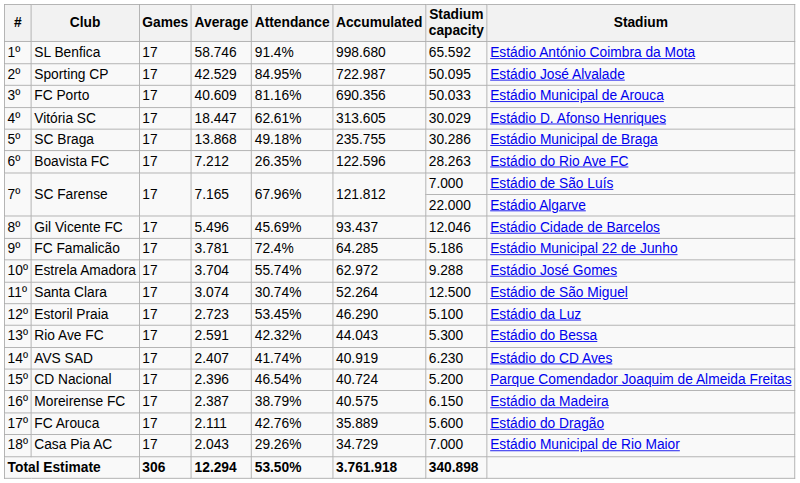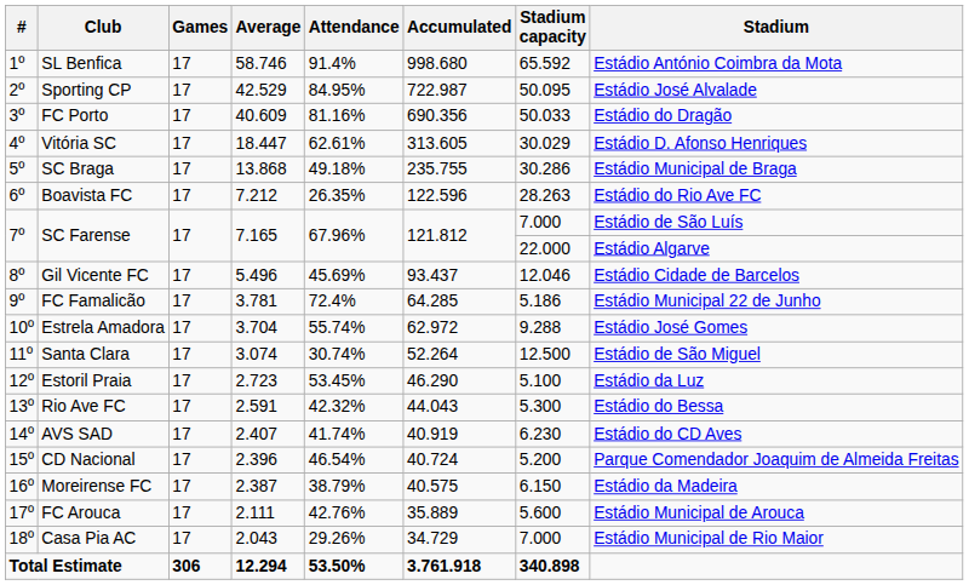 <table class="wikitable sortable">
 <tr>
 <th><strong>#</strong></th>
 <th>Club</th>
 <th>Games</th>
 <th>Average</th>
 <th>Attendance</th>
 <th>Accumulated</th>
 <th>Stadium<br>capacity</th>
 <th>Stadium</th>
 </tr>
 <tr>
 <td>1º</td>
 <td>SL Benfica</td>
 <td>17</td>
 <td>58.746</td>
 <td>91.4%</td>
 <td>998.680</td>
 <td>65.592</td>
 <td><a href='#'>Estádio António Coimbra da Mota</a></td>
 </tr>
 <tr>
 <td>2º</td>
 <td>Sporting CP</td>
 <td>17</td>
 <td>42.529</td>
 <td>84.95%</td>
 <td>722.987</td>
 <td>50.095</td>
 <td><a href='#'>Estádio José Alvalade</a></td>
 </tr>
 <tr>
 <td>3º</td>
 <td>FC Porto</td>
 <td>17</td>
 <td>40.609</td>
 <td>81.16%</td>
 <td>690.356</td>
 <td>50.033</td>
-<td><a href='#'>Estádio Municipal de Arouca</a></td>
+<td><a href='#'>Estádio do Dragão</a></td>
 </tr>
 <tr>
 <td>4º</td>
 <td>Vitória SC</td>
 <td>17</td>
 <td>18.447</td>
 <td>62.61%</td>
 <td>313.605</td>
 <td>30.029</td>
 <td><a href='#'>Estádio D. Afonso Henriques</a></td>
 </tr>
 <tr>
 <td>5º</td>
 <td>SC Braga</td>
 <td>17</td>
 <td>13.868</td>
 <td>49.18%</td>
 <td>235.755</td>
 <td>30.286</td>
 <td><a href='#'>Estádio Municipal de Braga</a></td>
 </tr>
 <tr>
 <td>6º</td>
 <td>Boavista FC</td>
 <td>17</td>
 <td>7.212</td>
 <td>26.35%</td>
 <td>122.596</td>
 <td>28.263</td>
 <td><a href='#'>Estádio do Rio Ave FC</a></td>
 </tr>
 <tr>
 <td rowspan="2">7º</td>
 <td rowspan="2">SC Farense</td>
 <td rowspan="2">17</td>
 <td rowspan="2">7.165</td>
 <td rowspan="2">67.96%</td>
 <td rowspan="2">121.812</td>
 <td>7.000</td>
 <td><a href='#'>Estádio de São Luís</a></td>
 </tr>
 <tr>
 <td>22.000</td>
 <td><a href='#'>Estádio Algarve</a></td>
 </tr>
 <tr>
 <td>8º</td>
 <td>Gil Vicente FC</td>
 <td>17</td>
 <td>5.496</td>
 <td>45.69%</td>
 <td>93.437</td>
 <td>12.046</td>
 <td><a href='#'>Estádio Cidade de Barcelos</a></td>
 </tr>
 <tr>
 <td>9º</td>
 <td>FC Famalicão</td>
 <td>17</td>
 <td>3.781</td>
 <td>72.4%</td>
 <td>64.285</td>
 <td>5.186</td>
 <td><a href='#'>Estádio Municipal 22 de Junho</a></td>
 </tr>
 <tr>
 <td>10º</td>
 <td>Estrela Amadora</td>
 <td>17</td>
 <td>3.704</td>
 <td>55.74%</td>
 <td>62.972</td>
 <td>9.288</td>
 <td><a href='#'>Estádio José Gomes</a></td>
 </tr>
 <tr>
 <td>11º</td>
 <td>Santa Clara</td>
 <td>17</td>
 <td>3.074</td>
 <td>30.74%</td>
 <td>52.264</td>
 <td>12.500</td>
 <td><a href='#'>Estádio de São Miguel</a></td>
 </tr>
 <tr>
 <td>12º</td>
 <td>Estoril Praia</td>
 <td>17</td>
 <td>2.723</td>
 <td>53.45%</td>
 <td>46.290</td>
 <td>5.100</td>
 <td><a href='#'>Estádio da Luz</a></td>
 </tr>
 <tr>
 <td>13º</td>
 <td>Rio Ave FC</td>
 <td>17</td>
 <td>2.591</td>
 <td>42.32%</td>
 <td>44.043</td>
 <td>5.300</td>
 <td><a href='#'>Estádio do Bessa</a></td>
 </tr>
 <tr>
 <td>14º</td>
 <td>AVS SAD</td>
 <td>17</td>
 <td>2.407</td>
 <td>41.74%</td>
 <td>40.919</td>
 <td>6.230</td>
 <td><a href='#'>Estádio do CD Aves</a></td>
 </tr>
 <tr>
 <td>15º</td>
 <td>CD Nacional</td>
 <td>17</td>
 <td>2.396</td>
 <td>46.54%</td>
 <td>40.724</td>
 <td>5.200</td>
 <td><a href='#'>Parque Comendador Joaquim de Almeida Freitas</a></td>
 </tr>
 <tr>
 <td>16º</td>
 <td>Moreirense FC</td>
 <td>17</td>
 <td>2.387</td>
 <td>38.79%</td>
 <td>40.575</td>
 <td>6.150</td>
 <td><a href='#'>Estádio da Madeira</a></td>
 </tr>
 <tr>
 <td>17º</td>
 <td>FC Arouca</td>
 <td>17</td>
 <td>2.111</td>
 <td>42.76%</td>
 <td>35.889</td>
 <td>5.600</td>
-<td><a href='#'>Estádio do Dragão</a></td>
+<td><a href='#'>Estádio Municipal de Arouca</a></td>
 </tr>
 <tr>
 <td>18º</td>
 <td>Casa Pia AC</td>
 <td>17</td>
 <td>2.043</td>
 <td>29.26%</td>
 <td>34.729</td>
 <td>7.000</td>
 <td><a href='#'>Estádio Municipal de Rio Maior</a></td>
 </tr>
 <tr>
 <td colspan="2"><strong>Total Estimate</strong></td>
 <td><strong>306</strong></td>
 <td><strong>12.294</strong></td>
 <td><strong>53.50%</strong></td>
 <td><strong>3.761.918</strong></td>
 <td><strong>340.898</strong></td>
 <td></td>
 </tr>
 </table>
